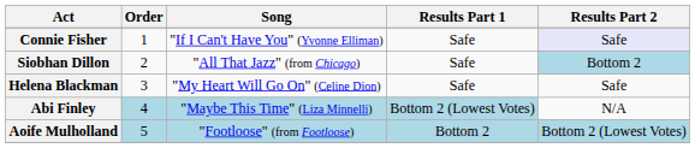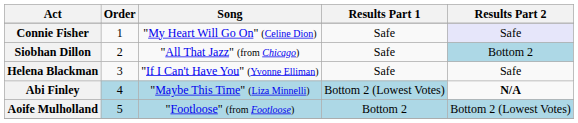 <table class="wikitable plainrowheaders" style="text-align:center;">
 <tr>
 <th scope="col">Act</th>
 <th scope="col">Order</th>
 <th scope="col">Song</th>
 <th scope="col">Results Part 1</th>
 <th scope="col">Results Part 2</th>
 </tr>
 <tr>
 </tr>
 <tr>
 <th scope="row">Connie Fisher</th>
 <td>1</td>
-<td>"<a href='#'>If I Can't Have You</a>"  <small>(<a href='#'>Yvonne Elliman</a>)</small></td>
+<td>"<a href='#'>My Heart Will Go On</a>" <small>(<a href='#'>Celine Dion</a>)</small></td>
 <td>Safe</td>
 <td style="background: lavender;">Safe</td>
 </tr>
 <tr>
 <th scope="row">Siobhan Dillon</th>
 <td>2</td>
 <td>"<a href='#'>All That Jazz</a>" <small>(from <em><a href='#'>Chicago</a></em>)</small></td>
 <td>Safe</td>
 <td style="background:lightblue">Bottom 2</td>
 </tr>
 <tr>
 <th scope="row">Helena Blackman</th>
 <td>3</td>
-<td>"<a href='#'>My Heart Will Go On</a>" <small>(<a href='#'>Celine Dion</a>)</small></td>
+<td>"<a href='#'>If I Can't Have You</a>"  <small>(<a href='#'>Yvonne Elliman</a>)</small></td>
 <td>Safe</td>
 <td>Safe</td>
 </tr>
 <tr>
 <th scope="row">Abi Finley</th>
 <td style = "background:lightblue">4</td>
 <td style = "background:lightblue">"<a href='#'>Maybe This Time</a>" <small>(<a href='#'>Liza Minnelli</a>)</small></td>
 <td style = "background:lightblue">Bottom 2 (Lowest Votes)</td>
-<td>N/A</td>
+<td><strong>N/A</strong></td>
 </tr>
 <tr>
 <th scope="row">Aoife Mulholland</th>
 <td style = "background:lightblue">5</td>
 <td style = "background:lightblue">"<a href='#'>Footloose</a>" <small>(from <em><a href='#'>Footloose</a></em>)</small></td>
 <td style = "background:lightblue">Bottom 2</td>
 <td style = "background:lightblue">Bottom 2 (Lowest Votes)</td>
 </tr>
 <tr>
 </tr>
 </table>
